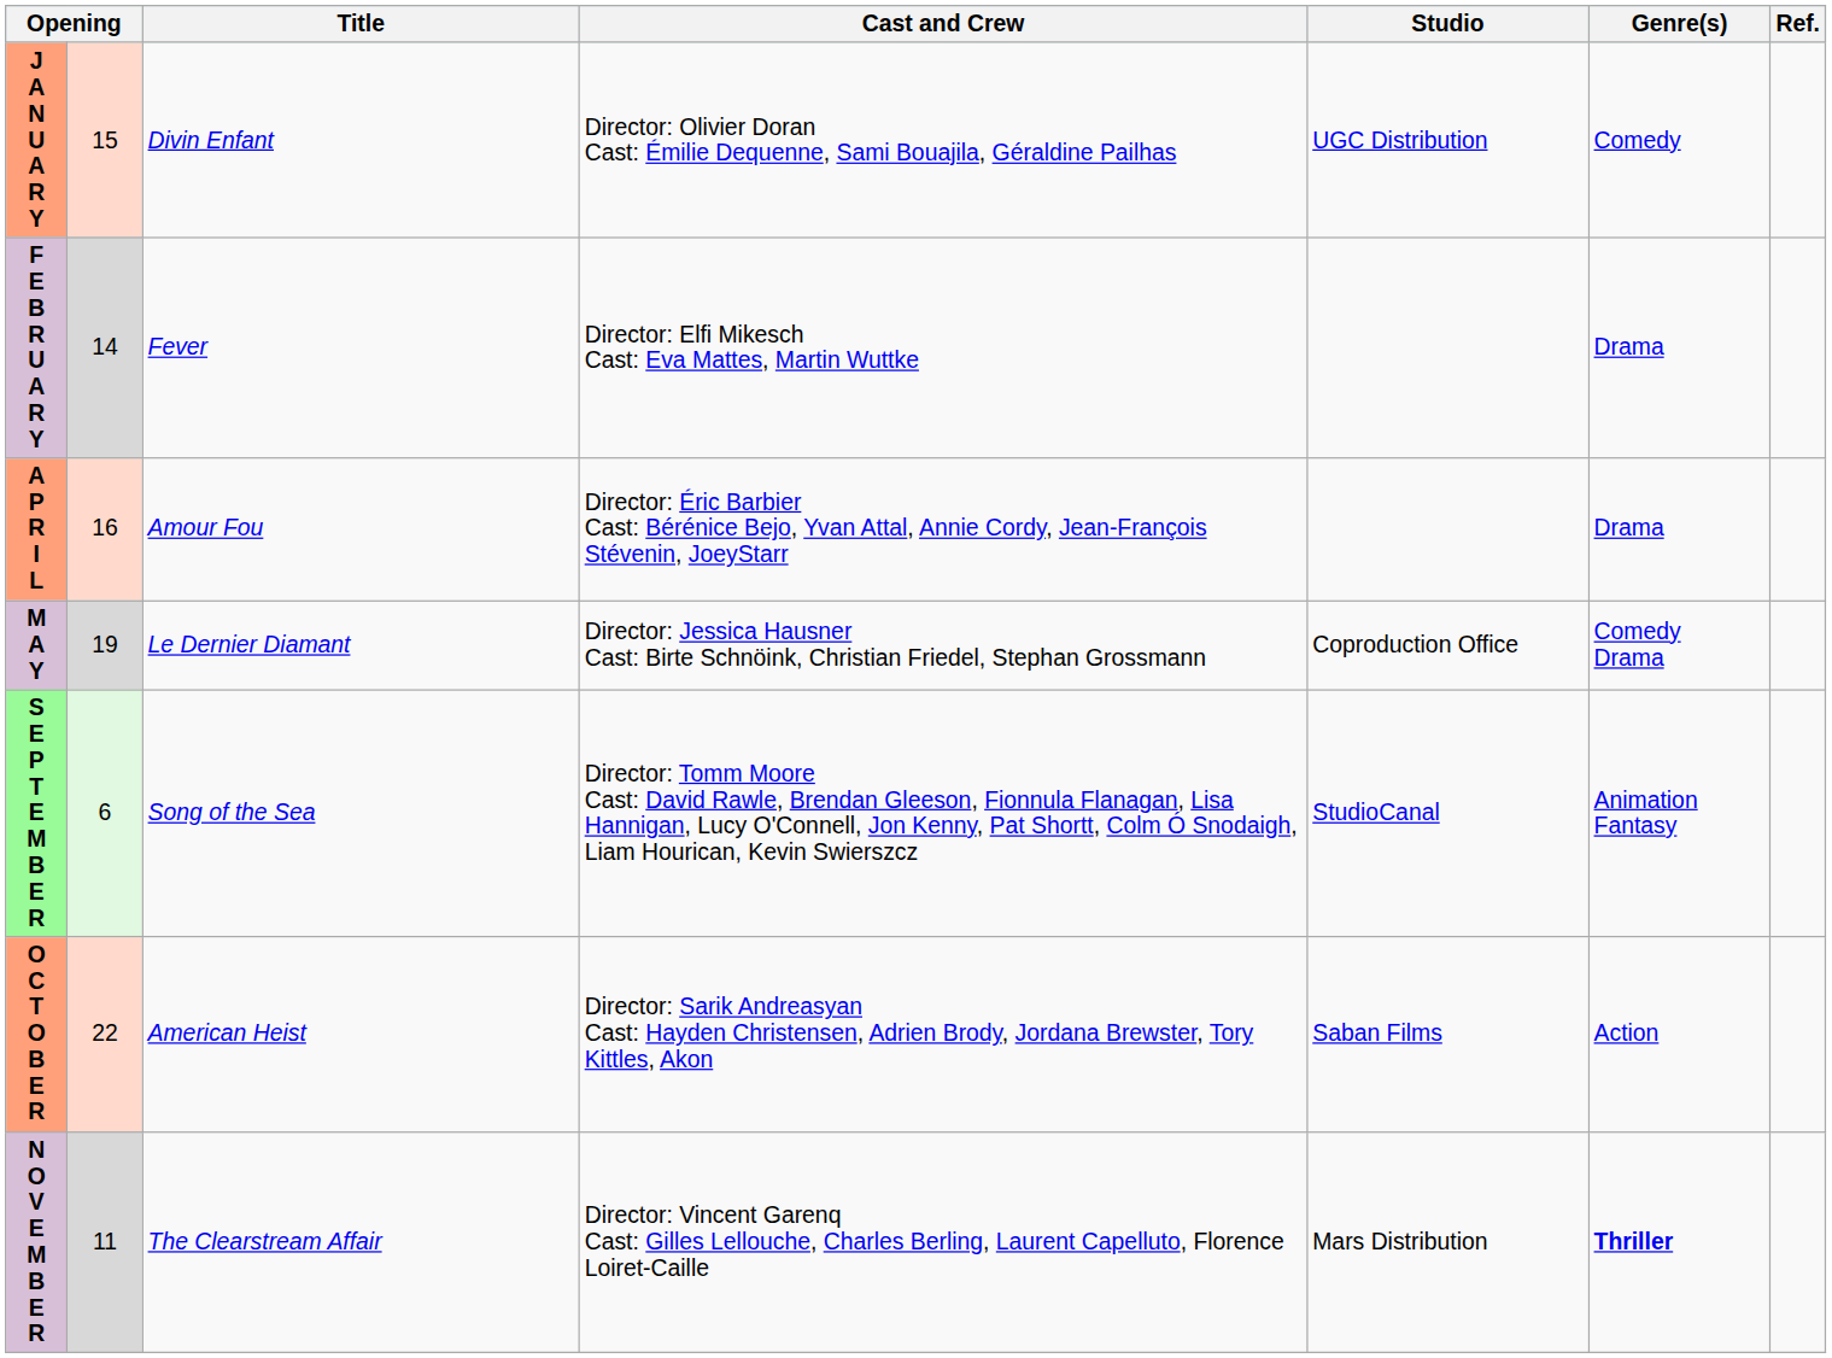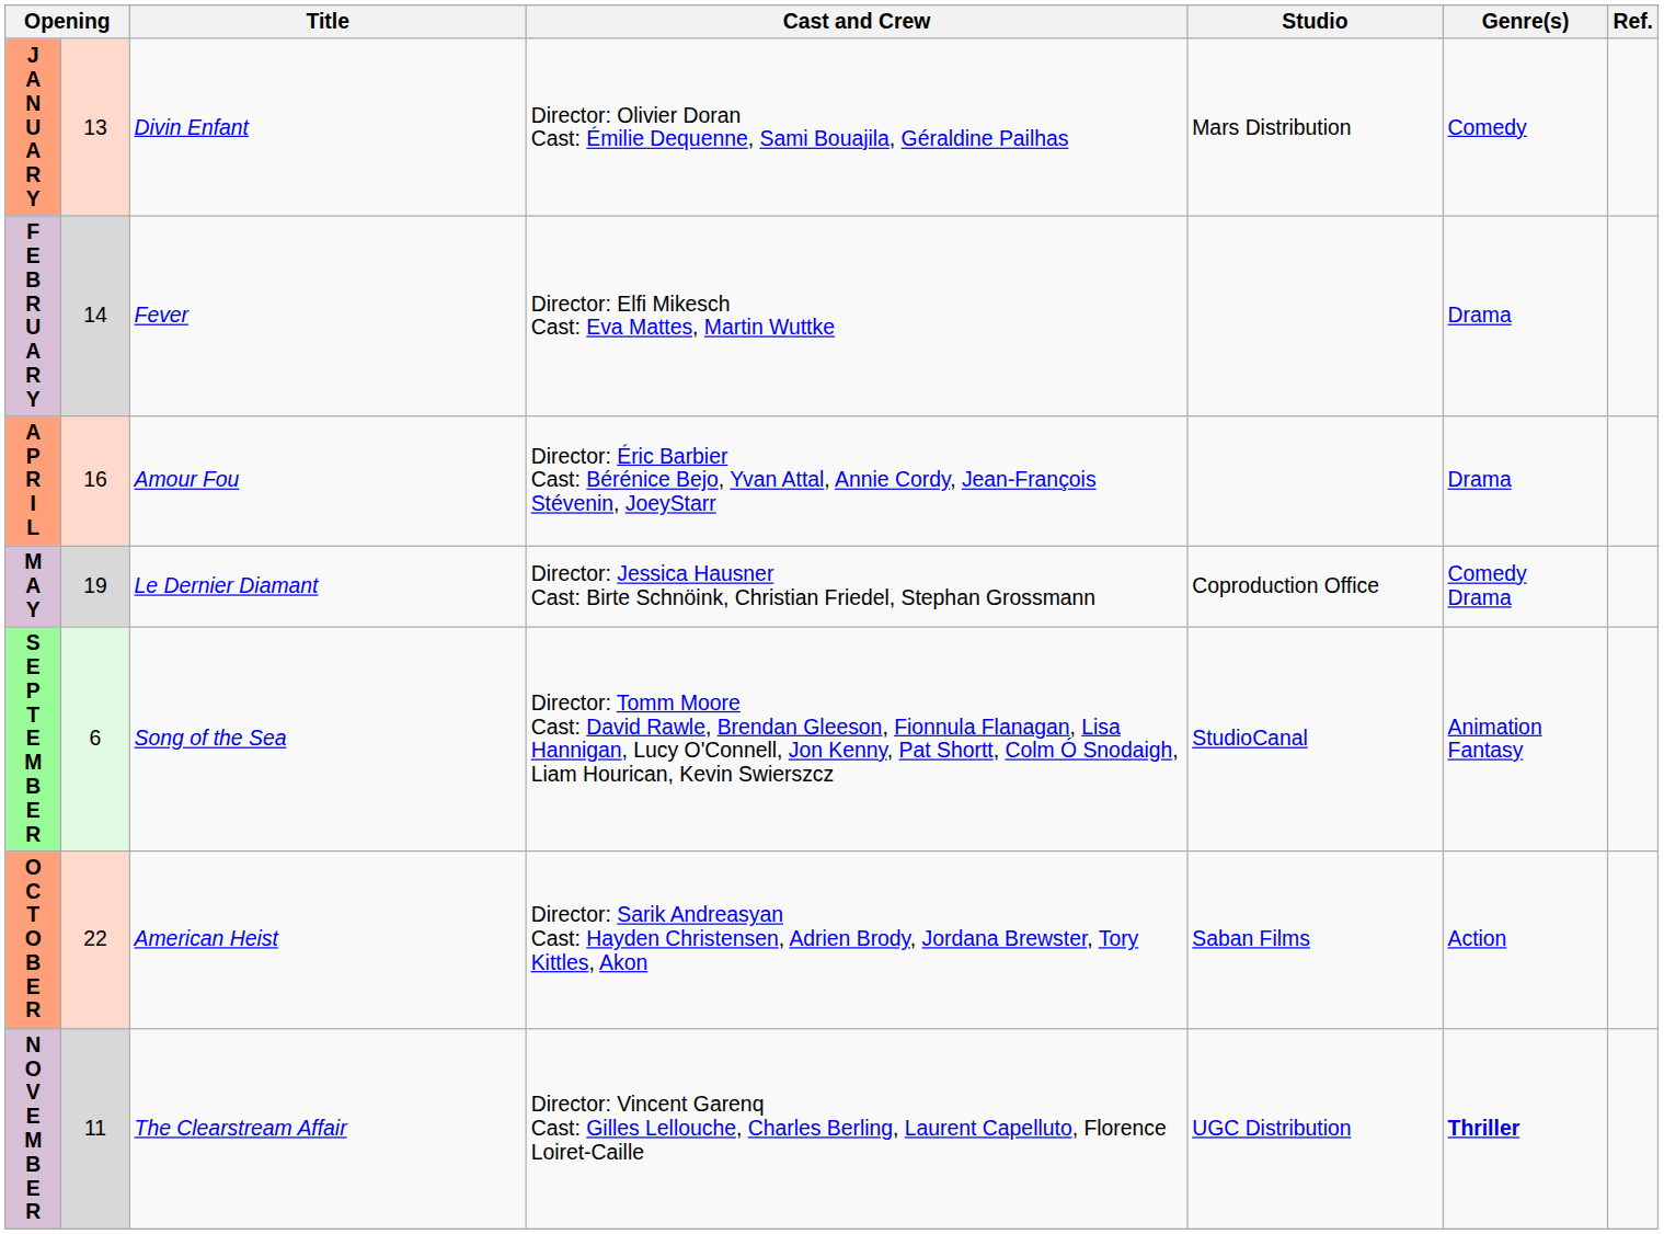 <table class="wikitable">
 <tr style="background:#b0e0e6; text-align:center;">
 <th colspan="2">Opening</th>
 <th style="width:24%;">Title</th>
 <th style="width:40%;">Cast and Crew</th>
 <th>Studio</th>
 <th style="width:10%;">Genre(s)</th>
 <th style="width:2%;">Ref.</th>
 </tr>
 <tr>
 <th rowspan="1" style="text-align:center; background:#ffa07a; textcolor:#000;">J<br>A<br>N<br>U<br>A<br>R<br>Y</th>
-<td rowspan="1" style="text-align:center; background:#ffdacc;">15</td>
+<td rowspan="1" style="text-align:center; background:#ffdacc;">13</td>
 <td><em><a href='#'>Divin Enfant</a></em></td>
 <td>Director: Olivier Doran <br> Cast: <a href='#'>Émilie Dequenne</a>, <a href='#'>Sami Bouajila</a>, <a href='#'>Géraldine Pailhas</a></td>
-<td><a href='#'>UGC Distribution</a></td>
+<td>Mars Distribution</td>
 <td><a href='#'>Comedy</a></td>
 <td style="text-align:center"></td>
 </tr>
 <tr>
 <th rowspan="1" style="text-align:center; background:thistle; textcolor:#000;">F<br>E<br>B<br>R<br>U<br>A<br>R<br>Y</th>
 <td rowspan="1" style="text-align:center; background:#d8d8d8;">14</td>
 <td><em><a href='#'>Fever</a></em></td>
 <td>Director: Elfi Mikesch <br> Cast: <a href='#'>Eva Mattes</a>, <a href='#'>Martin Wuttke</a></td>
 <td></td>
 <td><a href='#'>Drama</a></td>
 <td style="text-align:center"></td>
 </tr>
 <tr>
 <th rowspan="1" style="text-align:center; background:#ffa07a; textcolor:#000;">A<br>P<br>R<br>I<br>L</th>
 <td rowspan="1" style="text-align:center; background:#ffdacc;">16</td>
 <td><em><a href='#'>Amour Fou</a></em></td>
 <td>Director: <a href='#'>Éric Barbier</a> <br> Cast: <a href='#'>Bérénice Bejo</a>, <a href='#'>Yvan Attal</a>, <a href='#'>Annie Cordy</a>, <a href='#'>Jean-François Stévenin</a>, <a href='#'>JoeyStarr</a></td>
 <td></td>
 <td><a href='#'>Drama</a></td>
 <td style="text-align:center"></td>
 </tr>
 <tr>
 <th rowspan="1" style="text-align:center; background:thistle; textcolor:#000;">M<br>A<br>Y</th>
 <td rowspan="1" style="text-align:center; background:#d8d8d8;">19</td>
 <td><em><a href='#'>Le Dernier Diamant</a></em></td>
 <td>Director: <a href='#'>Jessica Hausner</a> <br> Cast: Birte Schnöink, Christian Friedel, Stephan Grossmann</td>
 <td>Coproduction Office</td>
 <td><a href='#'>Comedy</a> <br> <a href='#'>Drama</a></td>
 <td style="text-align:center"></td>
 </tr>
 <tr>
 <th rowspan="1" style="text-align:center; background:#98fb98; textcolor:#000;">S<br>E<br>P<br>T<br>E<br>M<br>B<br>E<br>R</th>
 <td rowspan="1" style="text-align:center; background:#e0f9e0;">6</td>
 <td><em><a href='#'>Song of the Sea</a></em></td>
 <td>Director: <a href='#'>Tomm Moore</a> <br> Cast: <a href='#'>David Rawle</a>, <a href='#'>Brendan Gleeson</a>, <a href='#'>Fionnula Flanagan</a>, <a href='#'>Lisa Hannigan</a>, Lucy O'Connell, <a href='#'>Jon Kenny</a>, <a href='#'>Pat Shortt</a>, <a href='#'>Colm Ó Snodaigh</a>, Liam Hourican, Kevin Swierszcz</td>
 <td><a href='#'>StudioCanal</a></td>
 <td><a href='#'>Animation</a> <br> <a href='#'>Fantasy</a></td>
 <td style="text-align:center"></td>
 </tr>
 <tr>
 <th rowspan="1" style="text-align:center; background:#ffa07a; textcolor:#000;">O<br>C<br>T<br>O<br>B<br>E<br>R</th>
 <td rowspan="1" style="text-align:center; background:#ffdacc;">22</td>
 <td><em><a href='#'>American Heist</a></em></td>
 <td>Director: <a href='#'>Sarik Andreasyan</a> <br> Cast: <a href='#'>Hayden Christensen</a>, <a href='#'>Adrien Brody</a>, <a href='#'>Jordana Brewster</a>, <a href='#'>Tory Kittles</a>, <a href='#'>Akon</a></td>
 <td><a href='#'>Saban Films</a></td>
 <td><a href='#'>Action</a></td>
 <td style="text-align:center"></td>
 </tr>
 <tr>
 <th rowspan="1" style="text-align:center; background:thistle; textcolor:#000;">N<br>O<br>V<br>E<br>M<br>B<br>E<br>R</th>
 <td rowspan="1" style="text-align:center; background:#d8d8d8;">11</td>
 <td><em><a href='#'>The Clearstream Affair</a></em></td>
 <td>Director: Vincent Garenq <br> Cast: <a href='#'>Gilles Lellouche</a>, <a href='#'>Charles Berling</a>, <a href='#'>Laurent Capelluto</a>, Florence Loiret-Caille</td>
-<td>Mars Distribution</td>
+<td><a href='#'>UGC Distribution</a></td>
 <td><strong><a href='#'>Thriller</a></strong></td>
 <td style="text-align:center"></td>
 </tr>
 <tr>
 </tr>
 </table>
